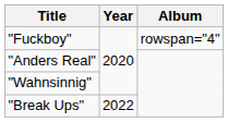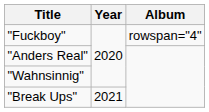 <table class="wikitable">
 <tr>
 <th>Title</th>
 <th>Year</th>
 <th>Album</th>
 </tr>
 <tr>
 <td>"Fuckboy"</td>
 <td rowspan="3">2020</td>
 <td>rowspan="4" </td>
 </tr>
 <tr>
 <td>"Anders Real"</td>
 </tr>
 <tr>
 <td>"Wahnsinnig"</td>
 </tr>
 <tr>
 <td>"Break Ups"<br></td>
-<td>2022</td>
+<td>2021</td>
 </tr>
 </table>
